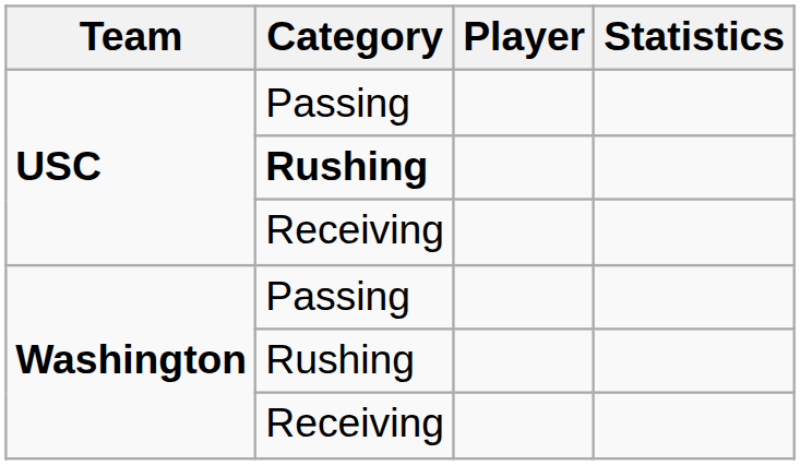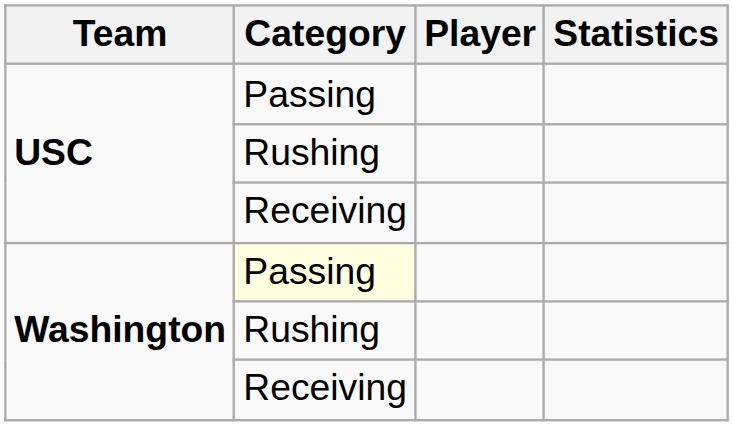 <table class="wikitable" style="float: right;">
 <tr>
 <th>Team</th>
 <th>Category</th>
 <th>Player</th>
 <th>Statistics</th>
 </tr>
 <tr>
 <td rowspan=3><strong>USC</strong></td>
 <td>Passing</td>
 <td></td>
 <td></td>
 </tr>
 <tr>
-<td><strong>Rushing</strong></td>
+<td>Rushing</td>
 <td></td>
 <td></td>
 </tr>
 <tr>
 <td>Receiving</td>
 <td></td>
 <td></td>
 </tr>
 <tr>
 <td rowspan=3><strong>Washington</strong></td>
-<td>Passing</td>
+<td style="background: lightyellow;">Passing</td>
 <td></td>
 <td></td>
 </tr>
 <tr>
 <td>Rushing</td>
 <td></td>
 <td></td>
 </tr>
 <tr>
 <td>Receiving</td>
 <td></td>
 <td></td>
 </tr>
 </table>
